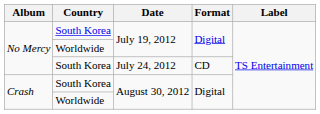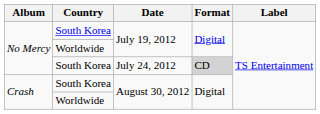 <table class="wikitable">
 <tr>
 <th>Album</th>
 <th>Country</th>
 <th>Date</th>
 <th>Format</th>
 <th>Label</th>
 </tr>
 <tr>
 <td rowspan="3"><em>No Mercy</em></td>
 <td rowspan="1"><a href='#'>South Korea</a></td>
 <td rowspan="2">July 19, 2012</td>
 <td rowspan="2"><a href='#'>Digital</a></td>
 <td rowspan="5"><a href='#'>TS Entertainment</a></td>
 </tr>
 <tr>
 <td rowspan="1">Worldwide</td>
 </tr>
 <tr>
 <td rowspan="1">South Korea</td>
 <td rowspan="1">July 24, 2012</td>
-<td>CD</td>
+<td style="background: lightgrey;">CD</td>
 </tr>
 <tr>
 <td rowspan="2"><em>Crash</em></td>
 <td rowspan="1">South Korea</td>
 <td rowspan="2">August 30, 2012</td>
 <td rowspan="2">Digital</td>
 </tr>
 <tr>
 <td rowspan="1">Worldwide</td>
 </tr>
 </table>
